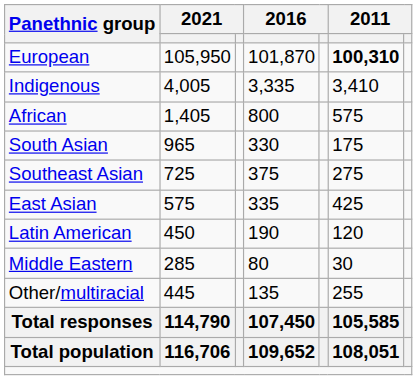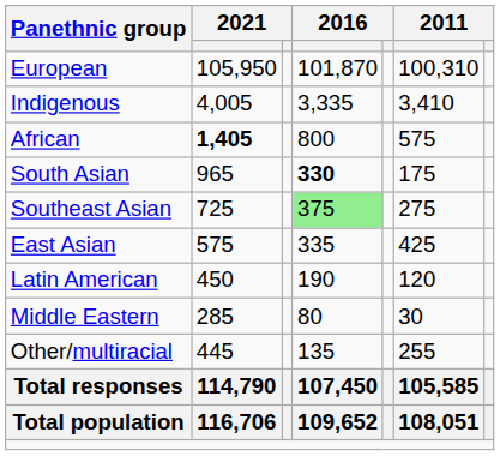 <table class="wikitable collapsible sortable">
 <tr>
 <th rowspan="2"><a href='#'>Panethnic</a> group</th>
 <th colspan="2">2021</th>
 <th colspan="2">2016</th>
 <th colspan="2">2011</th>
 </tr>
 <tr>
 <th><a href='#'></a></th>
 <th></th>
 <th></th>
 <th></th>
 <th></th>
 <th></th>
 </tr>
 <tr>
 <td><a href='#'>European</a></td>
 <td>105,950</td>
 <td></td>
 <td>101,870</td>
 <td></td>
-<td><strong>100,310</strong></td>
+<td>100,310</td>
 <td></td>
 </tr>
 <tr>
 <td><a href='#'>Indigenous</a></td>
 <td>4,005</td>
 <td></td>
 <td>3,335</td>
 <td></td>
 <td>3,410</td>
 <td></td>
 </tr>
 <tr>
 <td><a href='#'>African</a></td>
-<td>1,405</td>
+<td><strong>1,405</strong></td>
 <td></td>
 <td>800</td>
 <td></td>
 <td>575</td>
 <td></td>
 </tr>
 <tr>
 <td><a href='#'>South Asian</a></td>
 <td>965</td>
 <td></td>
-<td>330</td>
+<td><strong>330</strong></td>
 <td></td>
 <td>175</td>
 <td></td>
 </tr>
 <tr>
 <td><a href='#'>Southeast Asian</a></td>
 <td>725</td>
 <td></td>
-<td>375</td>
+<td style="background: lightgreen;">375</td>
 <td></td>
 <td>275</td>
 <td></td>
 </tr>
 <tr>
 <td><a href='#'>East Asian</a></td>
 <td>575</td>
 <td></td>
 <td>335</td>
 <td></td>
 <td>425</td>
 <td></td>
 </tr>
 <tr>
 <td><a href='#'>Latin American</a></td>
 <td>450</td>
 <td></td>
 <td>190</td>
 <td></td>
 <td>120</td>
 <td></td>
 </tr>
 <tr>
 <td><a href='#'>Middle Eastern</a></td>
 <td>285</td>
 <td></td>
 <td>80</td>
 <td></td>
 <td>30</td>
 <td></td>
 </tr>
 <tr>
 <td>Other/<a href='#'>multiracial</a></td>
 <td>445</td>
 <td></td>
 <td>135</td>
 <td></td>
 <td>255</td>
 <td></td>
 </tr>
 <tr>
 <th>Total responses</th>
 <th>114,790</th>
 <th></th>
 <th>107,450</th>
 <th></th>
 <th>105,585</th>
 <th></th>
 </tr>
 <tr class="sortbottom">
 <th>Total population</th>
 <th>116,706</th>
 <th></th>
 <th>109,652</th>
 <th></th>
 <th>108,051</th>
 <th></th>
 </tr>
 <tr class="sortbottom">
 <td colspan="15"></td>
 </tr>
 </table>
